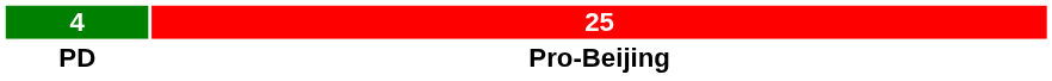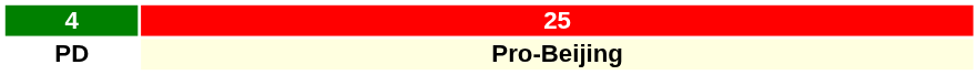 <table style="width:50%; text-align:center;">
 <tr style="color:white;">
 <td style="background:green; width:13.79%;"><strong>4</strong></td>
 <td style="background:red; width:86.21%;"><strong>25</strong></td>
 </tr>
 <tr>
 <td><span><strong>PD</strong></span></td>
-<td><span><strong>Pro-Beijing</strong></span></td>
+<td style="background: lightyellow;"><span><strong>Pro-Beijing</strong></span></td>
 </tr>
 </table>
